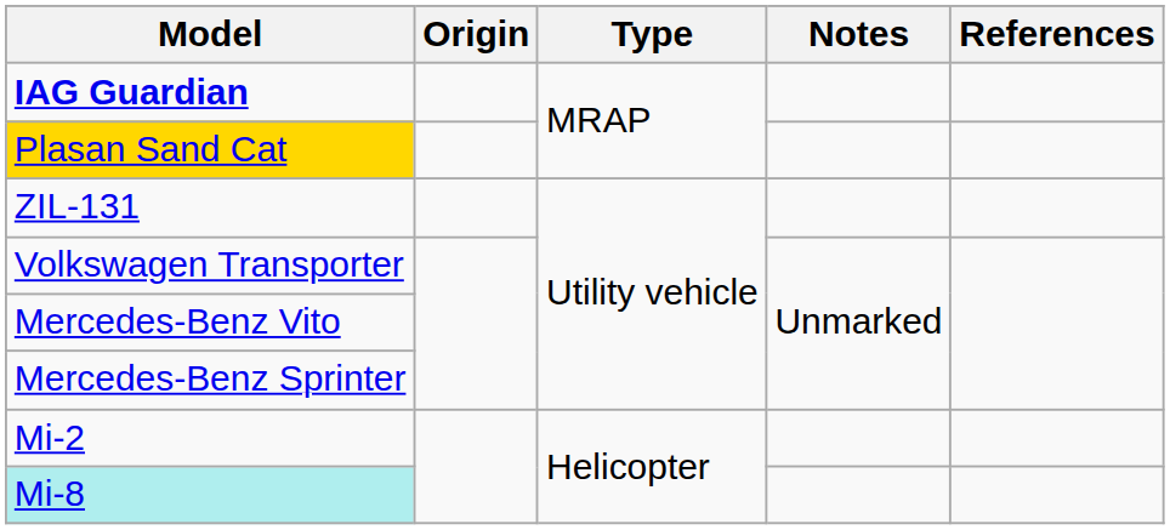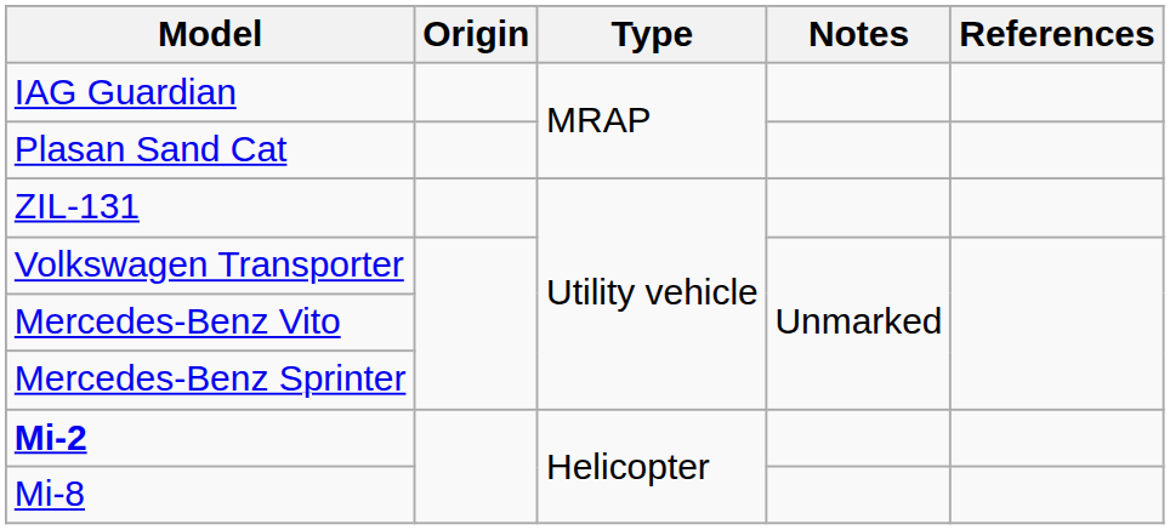 <table class="wikitable">
 <tr>
 <th>Model</th>
 <th>Origin</th>
 <th>Type</th>
 <th>Notes</th>
 <th>References</th>
 </tr>
 <tr>
-<td><strong><a href='#'>IAG Guardian</a></strong></td>
+<td><a href='#'>IAG Guardian</a></td>
 <td></td>
 <td rowspan="2">MRAP</td>
 <td></td>
 <td></td>
 </tr>
 <tr>
-<td style="background: gold;"><a href='#'>Plasan Sand Cat</a></td>
+<td><a href='#'>Plasan Sand Cat</a></td>
 <td></td>
 <td></td>
 <td></td>
 </tr>
 <tr>
 <td><a href='#'>ZIL-131</a></td>
 <td></td>
 <td rowspan="4">Utility vehicle</td>
 <td></td>
 <td></td>
 </tr>
 <tr>
 <td><a href='#'>Volkswagen Transporter</a></td>
 <td rowspan="3"></td>
 <td rowspan="3">Unmarked</td>
 <td rowspan="3"></td>
 </tr>
 <tr>
 <td><a href='#'>Mercedes-Benz Vito</a></td>
 </tr>
 <tr>
 <td><a href='#'>Mercedes-Benz Sprinter</a></td>
 </tr>
 <tr>
-<td><a href='#'>Mi-2</a></td>
+<td><strong><a href='#'>Mi-2</a></strong></td>
 <td rowspan="2"></td>
 <td rowspan="2">Helicopter</td>
 <td></td>
 </tr>
 <tr>
-<td style="background: paleturquoise;"><a href='#'>Mi-8</a></td>
+<td><a href='#'>Mi-8</a></td>
 <td></td>
 <td></td>
 </tr>
 </table>
